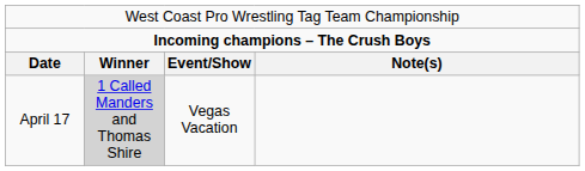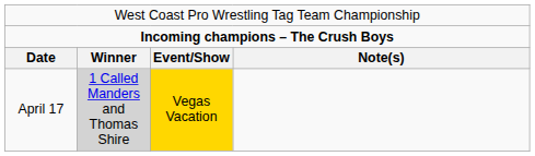 <table class="wikitable" style="text-align:center; width:100%;">
 <tr>
 <td colspan="4" style="text-align: center;">West Coast Pro Wrestling Tag Team Championship</td>
 </tr>
 <tr>
 <td colspan="4" style="text-align: center;"><strong>Incoming champions – The Crush Boys </strong></td>
 </tr>
 <tr>
 <th width="14%">Date</th>
 <th width="14%">Winner</th>
 <th width="14%">Event/Show</th>
 <th width="58%">Note(s)</th>
 </tr>
 <tr>
 <td>April 17</td>
 <td style="background: lightgrey;"><a href='#'>1 Called Manders</a> and Thomas Shire</td>
-<td>Vegas Vacation</td>
+<td style="background: gold;">Vegas Vacation</td>
 <td></td>
 </tr>
 </table>
